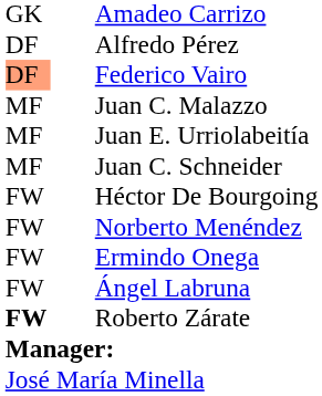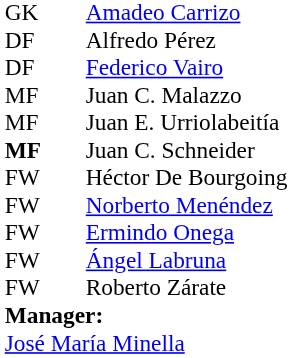 <table cellspacing="0" cellpadding="0" style="font-size:90%; margin:0.2em auto;">
 <tr>
 <th width="25"></th>
 <th width="25"></th>
 </tr>
 <tr>
 <td>GK</td>
 <td></td>
 <td> <a href='#'>Amadeo Carrizo</a></td>
 </tr>
 <tr>
 <td>DF</td>
 <td></td>
 <td> Alfredo Pérez</td>
 </tr>
 <tr>
-<td style="background: lightsalmon;">DF</td>
+<td>DF</td>
 <td></td>
 <td> <a href='#'>Federico Vairo</a></td>
 </tr>
 <tr>
 <td>MF</td>
 <td></td>
 <td> Juan C. Malazzo</td>
 </tr>
 <tr>
 <td>MF</td>
 <td></td>
 <td> Juan E. Urriolabeitía</td>
 </tr>
 <tr>
-<td>MF</td>
+<td><strong>MF</strong></td>
 <td></td>
 <td> Juan C. Schneider</td>
 </tr>
 <tr>
 <td>FW</td>
 <td></td>
 <td> Héctor De Bourgoing</td>
 </tr>
 <tr>
 <td>FW</td>
 <td></td>
 <td> <a href='#'>Norberto Menéndez</a></td>
 </tr>
 <tr>
 <td>FW</td>
 <td></td>
 <td> <a href='#'>Ermindo Onega</a></td>
 </tr>
 <tr>
 <td>FW</td>
 <td></td>
 <td> <a href='#'>Ángel Labruna</a></td>
 </tr>
 <tr>
-<td><strong>FW</strong></td>
+<td>FW</td>
 <td></td>
 <td> Roberto Zárate</td>
 </tr>
 <tr>
 <td colspan=3><strong>Manager:</strong></td>
 </tr>
 <tr>
 <td colspan=4> <a href='#'>José María Minella</a></td>
 </tr>
 </table>
